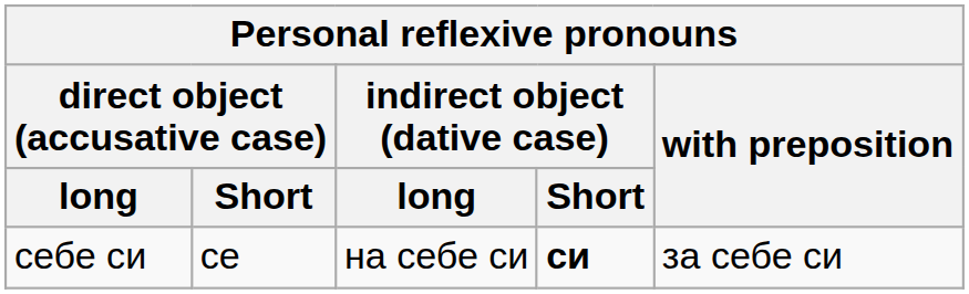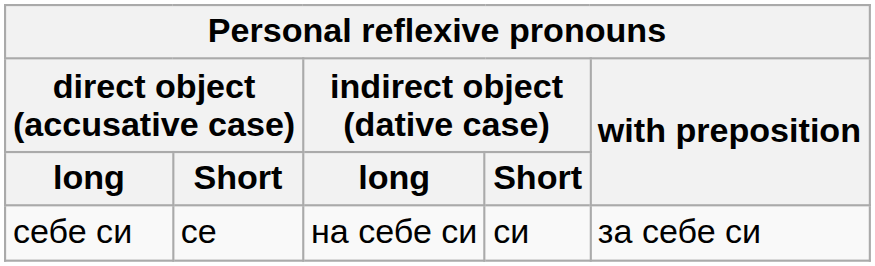 <table class="wikitable">
 <tr>
 <th colspan="5">Personal reflexive pronouns</th>
 </tr>
 <tr>
 <th colspan="2">direct object<br>(accusative case)</th>
 <th colspan="2">indirect object<br>(d<strong>ative case</strong>)</th>
 <th rowspan="2">with preposition</th>
 </tr>
 <tr>
 <th>long</th>
 <th>Short</th>
 <th>long</th>
 <th>Short</th>
 </tr>
 <tr>
 <td>себе си</td>
 <td>се</td>
 <td>на себе си</td>
-<td><strong>си</strong></td>
+<td>си</td>
 <td>за cебе си</td>
 </tr>
 </table>
